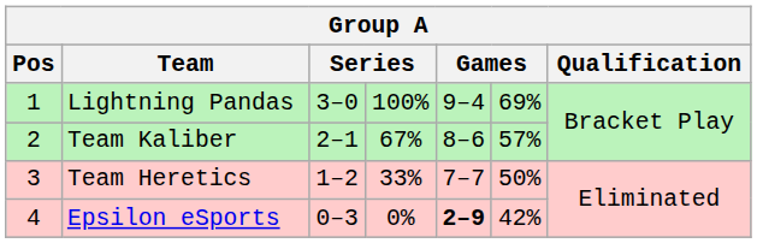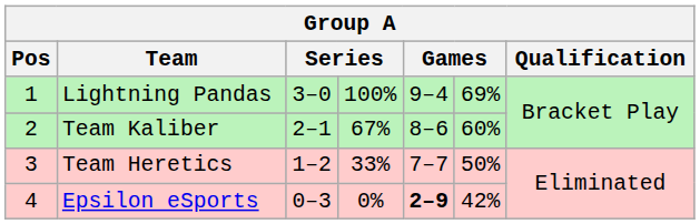 <table class="wikitable" style="display: inline-table;width: 46.5%;">
 <tr>
 <th colspan="7">Group A</th>
 </tr>
 <tr>
 <th>Pos</th>
 <th>Team</th>
 <th colspan="2">Series</th>
 <th colspan="2">Games</th>
 <th>Qualification</th>
 </tr>
 <tr>
 <td style="text-align:center; background:#BBF3BB;">1</td>
 <td style="text-align:left; background:#BBF3BB;">Lightning Pandas</td>
 <td style="text-align:center; background:#BBF3BB;">3–0</td>
 <td style="text-align:center; background:#BBF3BB;">100%</td>
 <td style="text-align:center; background:#BBF3BB;">9–4</td>
 <td style="text-align:center; background:#BBF3BB;">69%</td>
 <td style="text-align:center; background:#BBF3BB;" rowspan="2">Bracket Play</td>
 </tr>
 <tr>
 <td style="text-align:center; background:#BBF3BB;">2</td>
 <td style="text-align:left; background:#BBF3BB;">Team Kaliber</td>
 <td style="text-align:center; background:#BBF3BB;">2–1</td>
 <td style="text-align:center; background:#BBF3BB;">67%</td>
 <td style="text-align:center; background:#BBF3BB;">8–6</td>
-<td style="text-align:center; background:#BBF3BB;">57%</td>
+<td style="text-align:center; background:#BBF3BB;">60%</td>
 </tr>
 <tr>
 <td style="text-align:center; background:#FFCCCC;">3</td>
 <td style="text-align:left; background:#FFCCCC;">Team Heretics</td>
 <td style="text-align:center; background:#FFCCCC;">1–2</td>
 <td style="text-align:center; background:#FFCCCC;">33%</td>
 <td style="text-align:center; background:#FFCCCC;">7–7</td>
 <td style="text-align:center; background:#FFCCCC;">50%</td>
 <td style="text-align:center; background:#FFCCCC;" rowspan="2">Eliminated</td>
 </tr>
 <tr>
 <td style="text-align:center; background:#FFCCCC;">4</td>
 <td style="text-align:left; background:#FFCCCC;"><a href='#'>Epsilon eSports</a></td>
 <td style="text-align:center; background:#FFCCCC;">0–3</td>
 <td style="text-align:center; background:#FFCCCC;">0%</td>
 <td style="text-align:center; background:#FFCCCC;"><strong>2–9</strong></td>
 <td style="text-align:center; background:#FFCCCC;">42%</td>
 </tr>
 </table>
